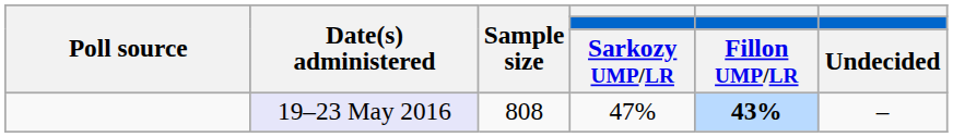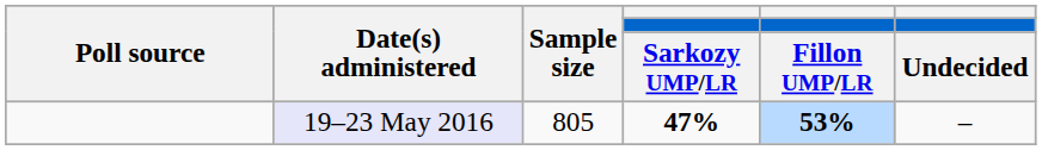 <table class="wikitable" style="text-align:center;font-size:85%;line-height:14px;">
 <tr bgcolor=lightgray>
 <th rowspan="3" style="width:125px;">Poll source</th>
 <th rowspan="3" style="width:115px;">Date(s)<br>administered</th>
 <th rowspan="3" style="width:40px;">Sample size</th>
 <th style="width:60px;"></th>
 <th style="width:60px;"></th>
 <th style="width:60px;"></th>
 </tr>
 <tr>
 <td bgcolor=#0066CC></td>
 <td bgcolor=#0066CC></td>
 <td bgcolor=#0066CC></td>
 </tr>
 <tr>
 <th><a href='#'>Sarkozy</a><br><small><a href='#'>UMP</a>/<a href='#'>LR</a></small></th>
 <th><a href='#'>Fillon</a><br><small><a href='#'>UMP</a>/<a href='#'>LR</a></small></th>
 <th>Undecided</th>
 </tr>
 <tr>
 <td></td>
 <td style="background: lavender;">19–23 May 2016</td>
-<td>808</td>
-<td>47%</td>
-<td bgcolor=B9DAFF><strong>43%</strong></td>
+<td>805</td>
+<td><strong>47%</strong></td>
+<td bgcolor=B9DAFF><strong>53%</strong></td>
 <td>–</td>
 </tr>
 </table>
